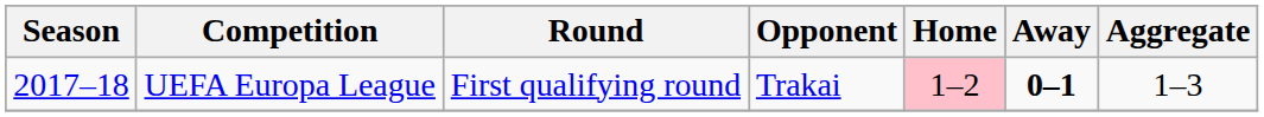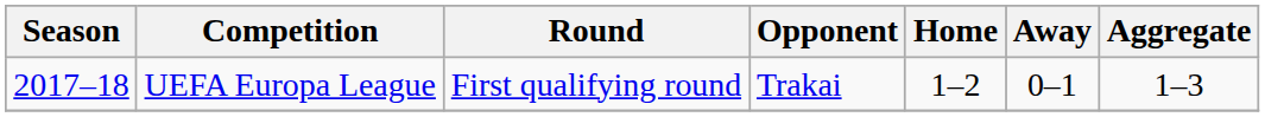 <table class="wikitable">
 <tr>
 <th>Season</th>
 <th>Competition</th>
 <th>Round</th>
 <th>Opponent</th>
 <th>Home</th>
 <th>Away</th>
 <th>Aggregate</th>
 </tr>
 <tr>
 <td><a href='#'>2017–18</a></td>
 <td><a href='#'>UEFA Europa League</a></td>
 <td><a href='#'>First qualifying round</a></td>
 <td> <a href='#'>Trakai</a></td>
-<td align="center" style="background: pink;">1–2</td>
-<td align="center"><strong>0–1</strong></td>
+<td align="center">1–2</td>
+<td align="center">0–1</td>
 <td align="center">1–3</td>
 </tr>
 <tr>
 </tr>
 </table>
